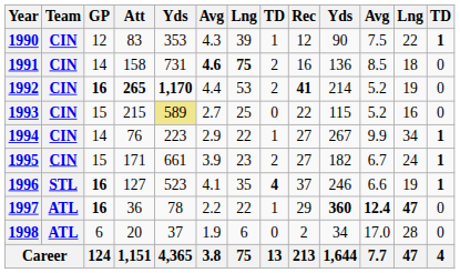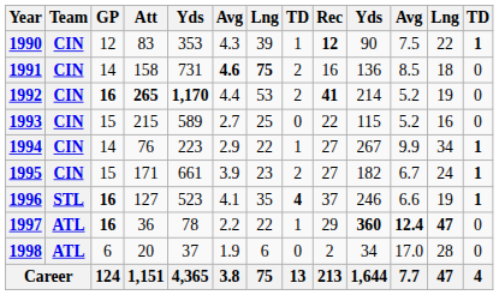 <table class="wikitable" style="text-align: center;">
 <tr>
 <th>Year</th>
 <th>Team</th>
 <th>GP</th>
 <th>Att</th>
 <th>Yds</th>
 <th>Avg</th>
 <th>Lng</th>
 <th>TD</th>
 <th>Rec</th>
 <th>Yds</th>
 <th>Avg</th>
 <th>Lng</th>
 <th>TD</th>
 </tr>
 <tr>
 <th><a href='#'>1990</a></th>
 <th><a href='#'>CIN</a></th>
 <td>12</td>
 <td>83</td>
 <td>353</td>
 <td>4.3</td>
 <td>39</td>
 <td>1</td>
-<td>12</td>
+<td><strong>12</strong></td>
 <td>90</td>
 <td>7.5</td>
 <td>22</td>
 <td><strong>1</strong></td>
 </tr>
 <tr>
 <th><a href='#'>1991</a></th>
 <th><a href='#'>CIN</a></th>
 <td>14</td>
 <td>158</td>
 <td>731</td>
 <td><strong>4.6</strong></td>
 <td><strong>75</strong></td>
 <td>2</td>
 <td>16</td>
 <td>136</td>
 <td>8.5</td>
 <td>18</td>
 <td>0</td>
 </tr>
 <tr>
 <th><a href='#'>1992</a></th>
 <th><a href='#'>CIN</a></th>
 <td><strong>16</strong></td>
 <td><strong>265</strong></td>
 <td><strong>1,170</strong></td>
 <td>4.4</td>
 <td>53</td>
 <td>2</td>
 <td><strong>41</strong></td>
 <td>214</td>
 <td>5.2</td>
 <td>19</td>
 <td>0</td>
 </tr>
 <tr>
 <th><a href='#'>1993</a></th>
 <th><a href='#'>CIN</a></th>
 <td>15</td>
 <td>215</td>
-<td style="background: khaki;">589</td>
+<td>589</td>
 <td>2.7</td>
 <td>25</td>
 <td>0</td>
 <td>22</td>
 <td>115</td>
 <td>5.2</td>
 <td>16</td>
 <td>0</td>
 </tr>
 <tr>
 <th><a href='#'>1994</a></th>
 <th><a href='#'>CIN</a></th>
 <td>14</td>
 <td>76</td>
 <td>223</td>
 <td>2.9</td>
 <td>22</td>
 <td>1</td>
 <td>27</td>
 <td>267</td>
 <td>9.9</td>
 <td>34</td>
 <td><strong>1</strong></td>
 </tr>
 <tr>
 <th><a href='#'>1995</a></th>
 <th><a href='#'>CIN</a></th>
 <td>15</td>
 <td>171</td>
 <td>661</td>
 <td>3.9</td>
 <td>23</td>
 <td>2</td>
 <td>27</td>
 <td>182</td>
 <td>6.7</td>
 <td>24</td>
 <td><strong>1</strong></td>
 </tr>
 <tr>
 <th><a href='#'>1996</a></th>
 <th><a href='#'>STL</a></th>
 <td><strong>16</strong></td>
 <td>127</td>
 <td>523</td>
 <td>4.1</td>
 <td>35</td>
 <td><strong>4</strong></td>
 <td>37</td>
 <td>246</td>
 <td>6.6</td>
 <td>19</td>
 <td><strong>1</strong></td>
 </tr>
 <tr>
 <th><a href='#'>1997</a></th>
 <th><a href='#'>ATL</a></th>
 <td><strong>16</strong></td>
 <td>36</td>
 <td>78</td>
 <td>2.2</td>
 <td>22</td>
 <td>1</td>
 <td>29</td>
 <td><strong>360</strong></td>
 <td><strong>12.4</strong></td>
 <td><strong>47</strong></td>
 <td>0</td>
 </tr>
 <tr>
 <th><a href='#'>1998</a></th>
 <th><a href='#'>ATL</a></th>
 <td>6</td>
 <td>20</td>
 <td>37</td>
 <td>1.9</td>
 <td>6</td>
 <td>0</td>
 <td>2</td>
 <td>34</td>
 <td>17.0</td>
 <td>28</td>
 <td>0</td>
 </tr>
 <tr>
 <th colspan="2">Career</th>
 <th>124</th>
 <th>1,151</th>
 <th>4,365</th>
 <th>3.8</th>
 <th>75</th>
 <th>13</th>
 <th>213</th>
 <th>1,644</th>
 <th>7.7</th>
 <th>47</th>
 <th>4</th>
 </tr>
 </table>
